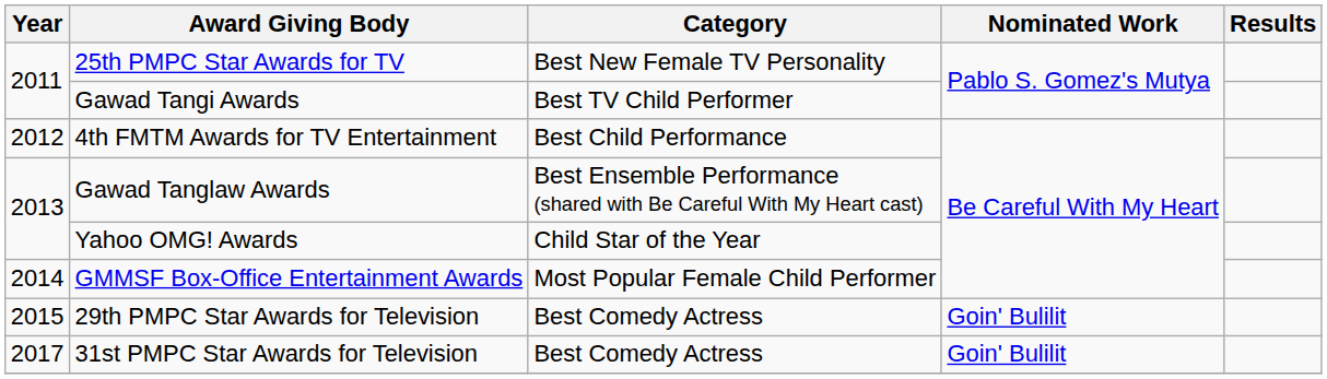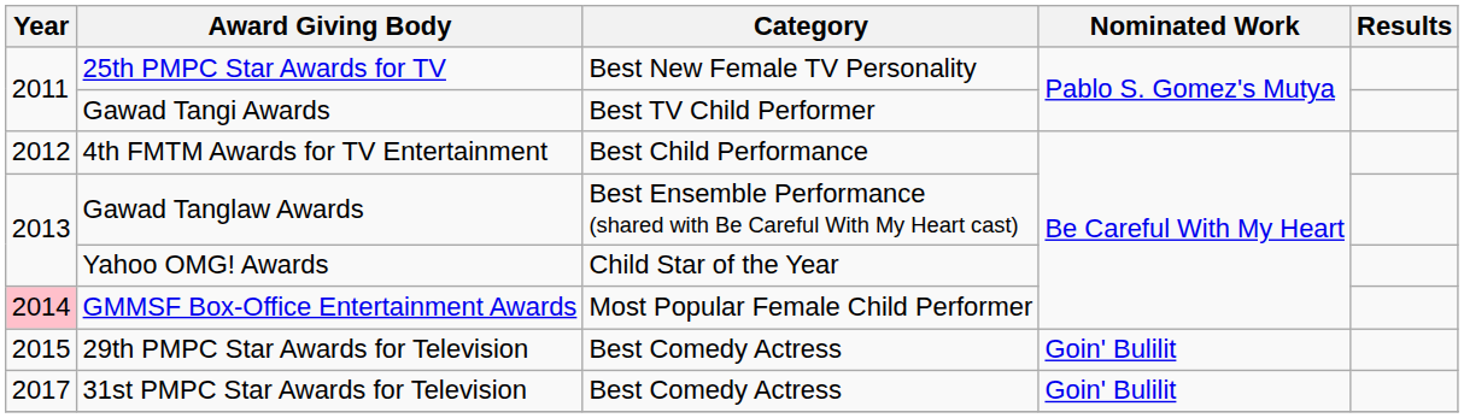 <table class="wikitable">
 <tr>
 <th>Year</th>
 <th>Award Giving Body</th>
 <th>Category</th>
 <th>Nominated Work</th>
 <th>Results</th>
 </tr>
 <tr>
 <td rowspan=2>2011</td>
 <td><a href='#'>25th PMPC Star Awards for TV</a></td>
 <td>Best New Female TV Personality</td>
 <td rowspan=2><a href='#'>Pablo S. Gomez's Mutya</a></td>
 <td></td>
 </tr>
 <tr>
 <td>Gawad Tangi Awards</td>
 <td>Best TV Child Performer</td>
 <td></td>
 </tr>
 <tr>
 <td>2012</td>
 <td>4th FMTM Awards for TV Entertainment</td>
 <td>Best Child Performance</td>
 <td rowspan=4><a href='#'>Be Careful With My Heart</a></td>
 <td></td>
 </tr>
 <tr>
 <td rowspan=2>2013</td>
 <td>Gawad Tanglaw Awards</td>
 <td>Best Ensemble Performance <br><small>(shared with Be Careful With My Heart cast)</small></td>
 <td></td>
 </tr>
 <tr>
 <td>Yahoo OMG! Awards</td>
 <td>Child Star of the Year</td>
 <td></td>
 </tr>
 <tr>
-<td>2014</td>
+<td style="background: pink;">2014</td>
 <td><a href='#'>GMMSF Box-Office Entertainment Awards</a></td>
 <td>Most Popular Female Child Performer</td>
 <td></td>
 </tr>
 <tr>
 <td>2015</td>
 <td>29th PMPC Star Awards for Television</td>
 <td>Best Comedy Actress</td>
 <td><a href='#'>Goin' Bulilit</a></td>
 <td></td>
 </tr>
 <tr>
 <td>2017</td>
 <td>31st PMPC Star Awards for Television</td>
 <td>Best Comedy Actress</td>
 <td><a href='#'>Goin' Bulilit</a></td>
 <td></td>
 </tr>
 <tr>
 </tr>
 </table>
